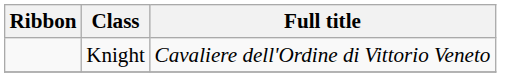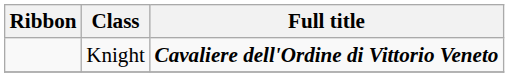 <table class="wikitable" style="text-align:left">
 <tr>
 <th>Ribbon</th>
 <th>Class</th>
 <th>Full title</th>
 </tr>
 <tr>
 <td></td>
 <td>Knight</td>
-<td><em>Cavaliere dell'Ordine di Vittorio Veneto</em></td>
+<td><strong><em>Cavaliere dell'Ordine di Vittorio Veneto</em></strong></td>
 </tr>
 <tr>
 </tr>
 </table>
